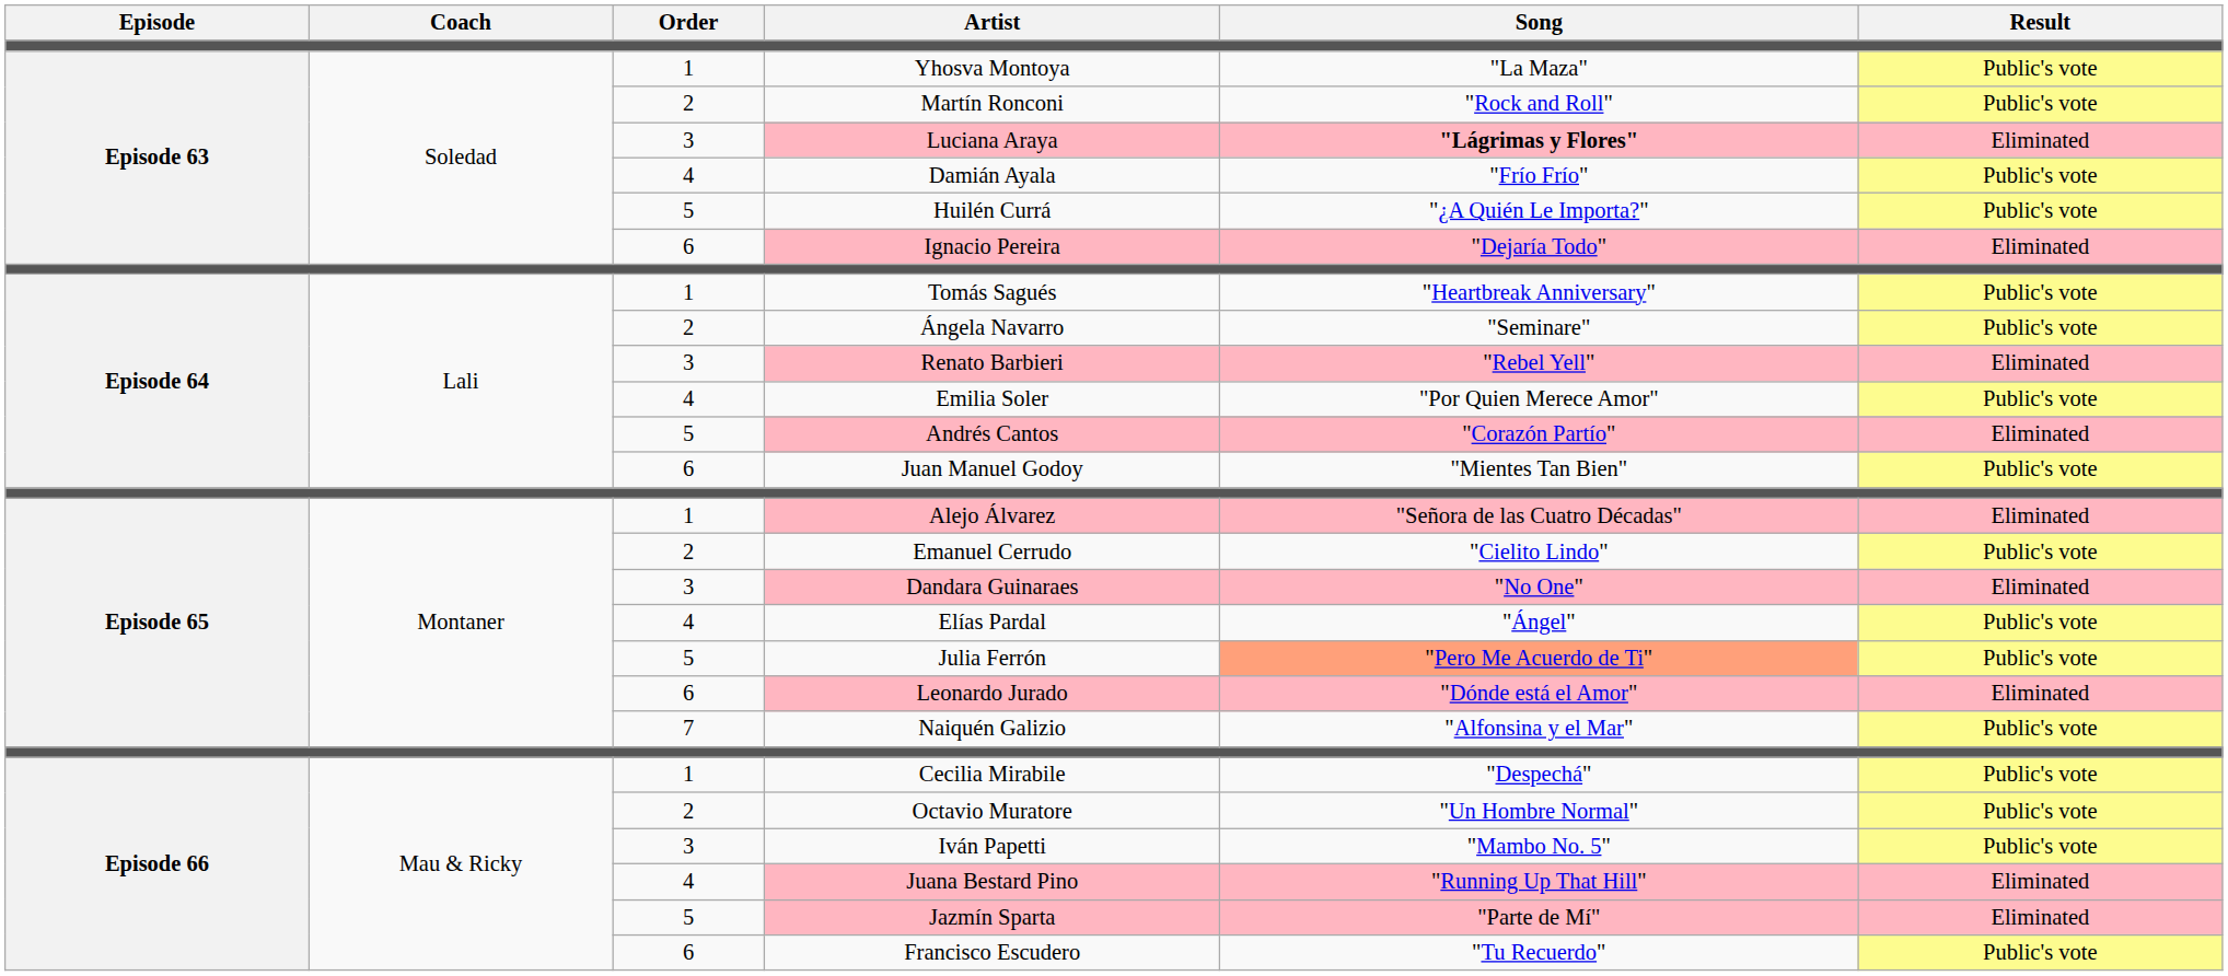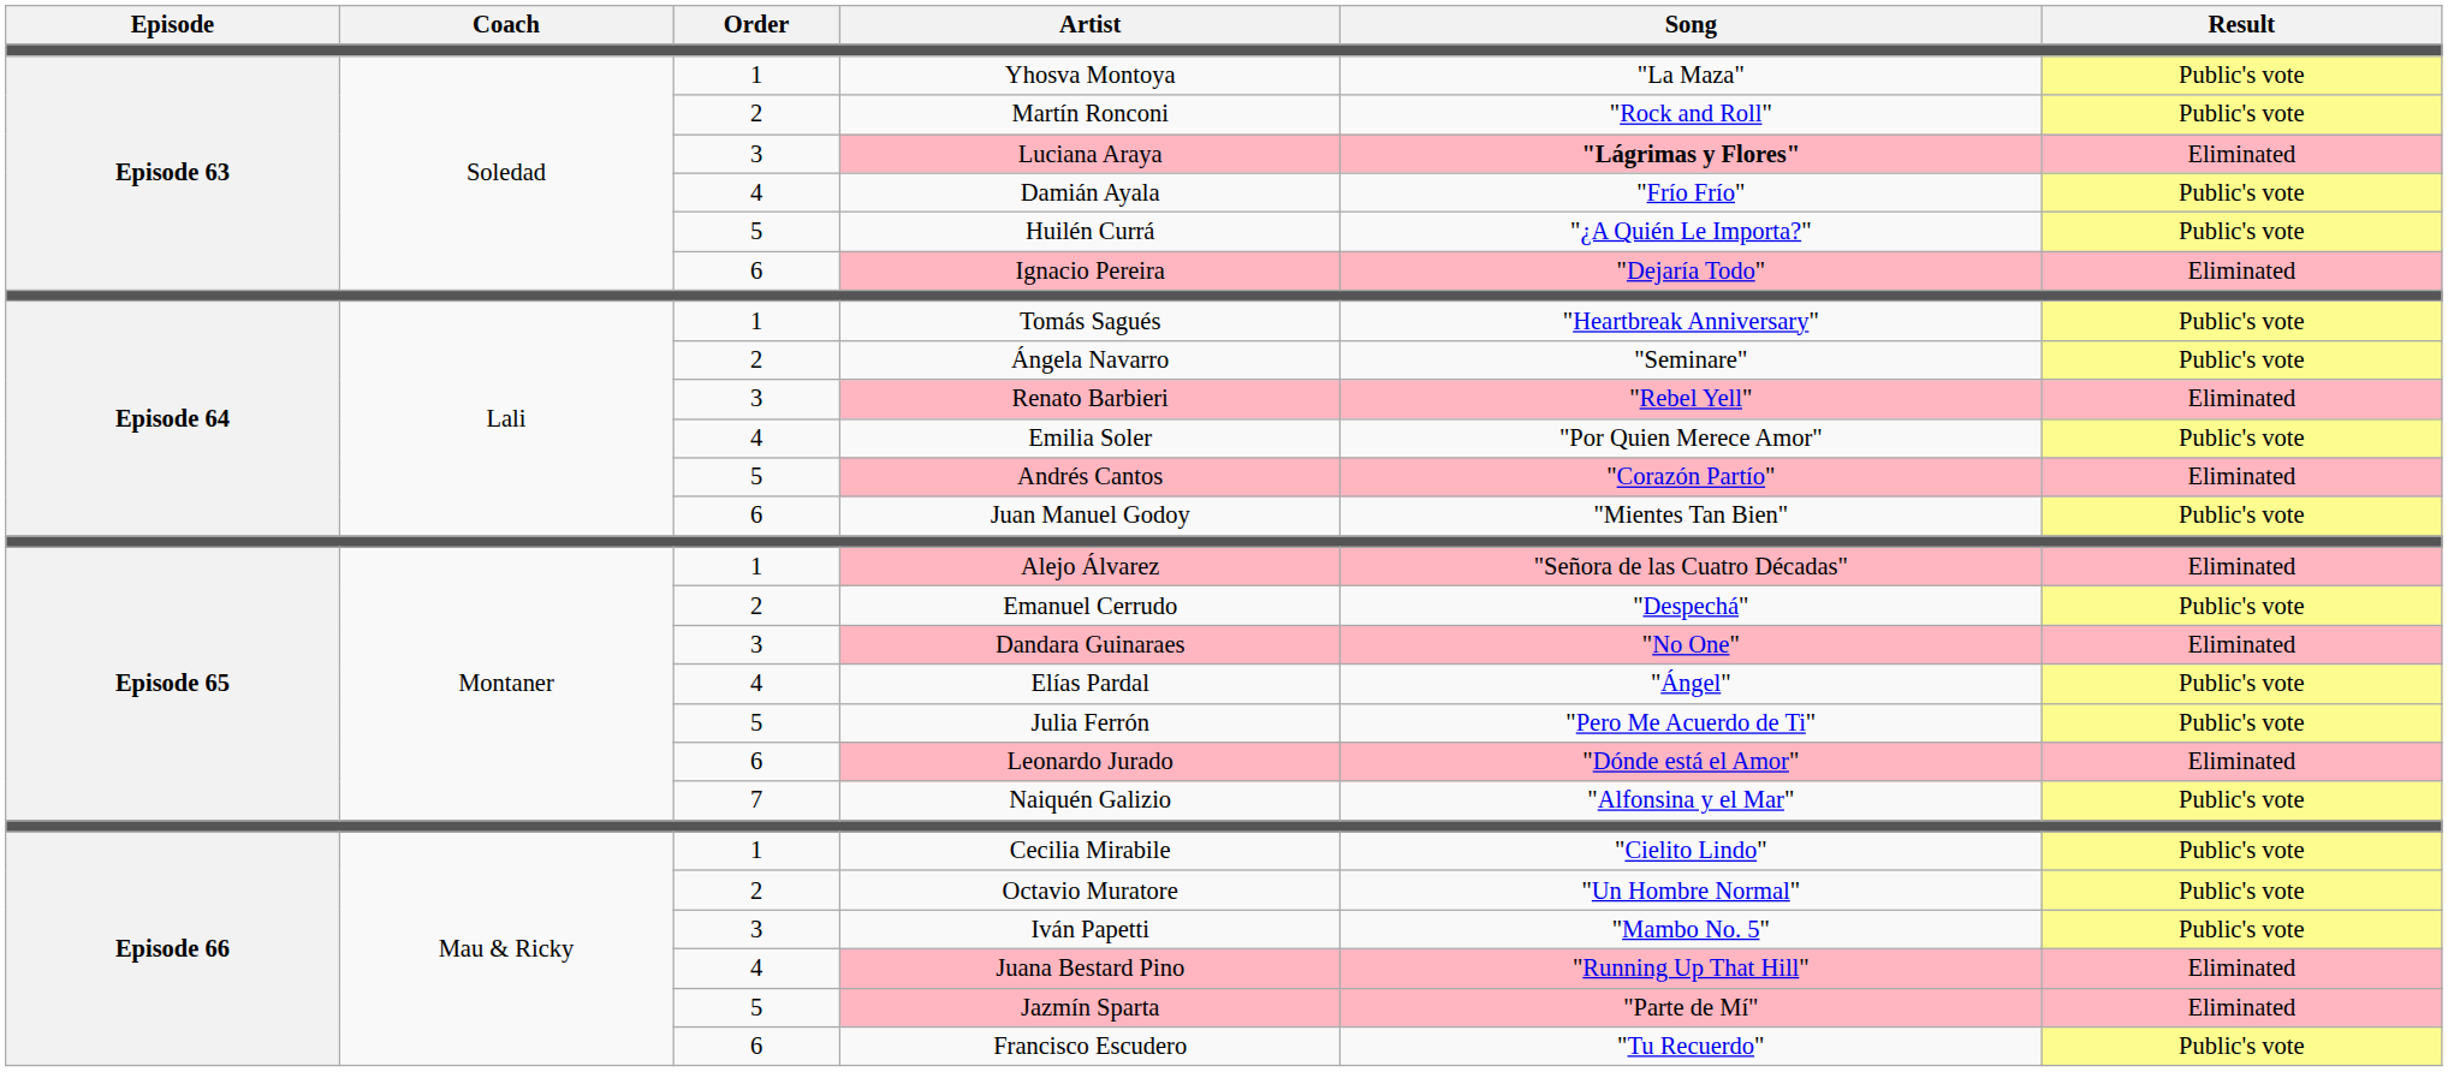 <table class="wikitable" style="text-align:center; width:100%">
 <tr>
 <th style="width:10%">Episode</th>
 <th style="width:10%">Coach</th>
 <th style="width:05%">Order</th>
 <th style="width:15%">Artist</th>
 <th style="width:21%">Song</th>
 <th style="width:12%">Result</th>
 </tr>
 <tr>
 <td colspan="6" style="background:#555"></td>
 </tr>
 <tr>
 <th rowspan="6" scope="row">Episode 63<br></th>
 <td rowspan="6">Soledad</td>
 <td>1</td>
 <td>Yhosva Montoya</td>
 <td>"La Maza"</td>
 <td style="background:#fdfc8f">Public's vote</td>
 </tr>
 <tr>
 <td>2</td>
 <td>Martín Ronconi</td>
 <td>"<a href='#'>Rock and Roll</a>"</td>
 <td style="background:#fdfc8f">Public's vote</td>
 </tr>
 <tr>
 <td>3</td>
 <td style="background:lightpink">Luciana Araya</td>
 <td style="background:lightpink"><strong>"Lágrimas y Flores"</strong></td>
 <td style="background:lightpink">Eliminated</td>
 </tr>
 <tr>
 <td>4</td>
 <td>Damián Ayala</td>
 <td>"<a href='#'>Frío Frío</a>"</td>
 <td style="background:#fdfc8f">Public's vote</td>
 </tr>
 <tr>
 <td>5</td>
 <td>Huilén Currá</td>
 <td>"<a href='#'>¿A Quién Le Importa?</a>"</td>
 <td style="background:#fdfc8f">Public's vote</td>
 </tr>
 <tr>
 <td>6</td>
 <td style="background:lightpink">Ignacio Pereira</td>
 <td style="background:lightpink">"<a href='#'>Dejaría Todo</a>"</td>
 <td style="background:lightpink">Eliminated</td>
 </tr>
 <tr>
 <td colspan="6" style="background:#555"></td>
 </tr>
 <tr>
 <th rowspan="6" scope="row">Episode 64<br></th>
 <td rowspan="6">Lali</td>
 <td>1</td>
 <td>Tomás Sagués</td>
 <td>"<a href='#'>Heartbreak Anniversary</a>"</td>
 <td style="background:#fdfc8f">Public's vote</td>
 </tr>
 <tr>
 <td>2</td>
 <td>Ángela Navarro</td>
 <td>"Seminare"</td>
 <td style="background:#fdfc8f">Public's vote</td>
 </tr>
 <tr>
 <td>3</td>
 <td style="background:lightpink">Renato Barbieri</td>
 <td style="background:lightpink">"<a href='#'>Rebel Yell</a>"</td>
 <td style="background:lightpink">Eliminated</td>
 </tr>
 <tr>
 <td>4</td>
 <td>Emilia Soler</td>
 <td>"Por Quien Merece Amor"</td>
 <td style="background:#fdfc8f">Public's vote</td>
 </tr>
 <tr>
 <td>5</td>
 <td style="background:lightpink">Andrés Cantos</td>
 <td style="background:lightpink">"<a href='#'>Corazón Partío</a>"</td>
 <td style="background:lightpink">Eliminated</td>
 </tr>
 <tr>
 <td>6</td>
 <td>Juan Manuel Godoy</td>
 <td>"Mientes Tan Bien"</td>
 <td style="background:#fdfc8f">Public's vote</td>
 </tr>
 <tr>
 <td colspan="6" style="background:#555"></td>
 </tr>
 <tr>
 <th rowspan="7" scope="row">Episode 65<br></th>
 <td rowspan="7">Montaner</td>
 <td>1</td>
 <td style="background:lightpink">Alejo Álvarez</td>
 <td style="background:lightpink">"Señora de las Cuatro Décadas"</td>
 <td style="background:lightpink">Eliminated</td>
 </tr>
 <tr>
 <td>2</td>
 <td>Emanuel Cerrudo</td>
-<td>"<a href='#'>Cielito Lindo</a>"</td>
+<td>"<a href='#'>Despechá</a>"</td>
 <td style="background:#fdfc8f">Public's vote</td>
 </tr>
 <tr>
 <td>3</td>
 <td style="background:lightpink">Dandara Guinaraes</td>
 <td style="background:lightpink">"<a href='#'>No One</a>"</td>
 <td style="background:lightpink">Eliminated</td>
 </tr>
 <tr>
 <td>4</td>
 <td>Elías Pardal</td>
 <td>"<a href='#'>Ángel</a>"</td>
 <td style="background:#fdfc8f">Public's vote</td>
 </tr>
 <tr>
 <td>5</td>
 <td>Julia Ferrón</td>
-<td style="background: lightsalmon;">"<a href='#'>Pero Me Acuerdo de Ti</a>"</td>
+<td>"<a href='#'>Pero Me Acuerdo de Ti</a>"</td>
 <td style="background:#fdfc8f">Public's vote</td>
 </tr>
 <tr>
 <td>6</td>
 <td style="background:lightpink">Leonardo Jurado</td>
 <td style="background:lightpink">"<a href='#'>Dónde está el Amor</a>"</td>
 <td style="background:lightpink">Eliminated</td>
 </tr>
 <tr>
 <td>7</td>
 <td>Naiquén Galizio</td>
 <td>"<a href='#'>Alfonsina y el Mar</a>"</td>
 <td style="background:#fdfc8f">Public's vote</td>
 </tr>
 <tr>
 <td colspan="6" style="background:#555"></td>
 </tr>
 <tr>
 <th rowspan="6" scope="row">Episode 66<br></th>
 <td rowspan="6">Mau & Ricky</td>
 <td>1</td>
 <td>Cecilia Mirabile</td>
-<td>"<a href='#'>Despechá</a>"</td>
+<td>"<a href='#'>Cielito Lindo</a>"</td>
 <td style="background:#fdfc8f">Public's vote</td>
 </tr>
 <tr>
 <td>2</td>
 <td>Octavio Muratore</td>
 <td>"<a href='#'>Un Hombre Normal</a>"</td>
 <td style="background:#fdfc8f">Public's vote</td>
 </tr>
 <tr>
 <td>3</td>
 <td>Iván Papetti</td>
 <td>"<a href='#'>Mambo No. 5</a>"</td>
 <td style="background:#fdfc8f">Public's vote</td>
 </tr>
 <tr>
 <td>4</td>
 <td style="background:lightpink">Juana Bestard Pino</td>
 <td style="background:lightpink">"<a href='#'>Running Up That Hill</a>"</td>
 <td style="background:lightpink">Eliminated</td>
 </tr>
 <tr>
 <td>5</td>
 <td style="background:lightpink">Jazmín Sparta</td>
 <td style="background:lightpink">"Parte de Mí"</td>
 <td style="background:lightpink">Eliminated</td>
 </tr>
 <tr>
 <td>6</td>
 <td>Francisco Escudero</td>
 <td>"<a href='#'>Tu Recuerdo</a>"</td>
 <td style="background:#fdfc8f">Public's vote</td>
 </tr>
 </table>
